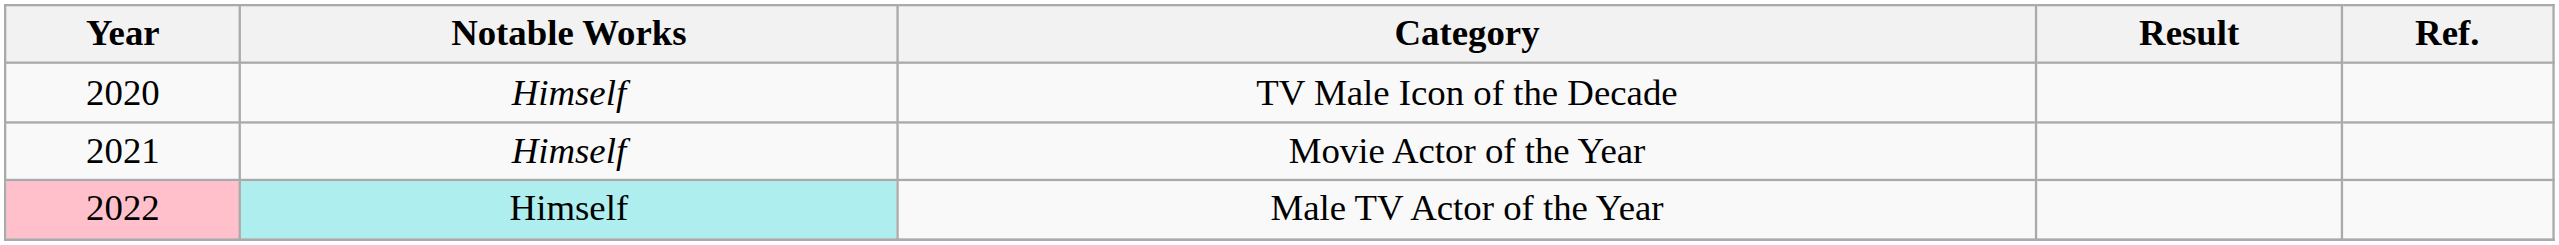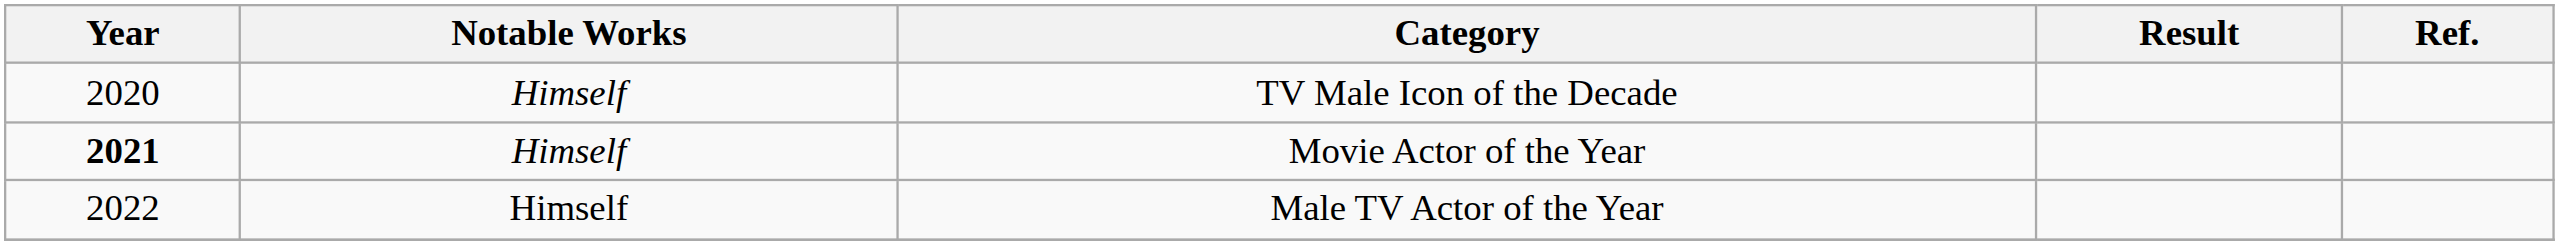 <table class="wikitable" style="text-align:center" width=70%>
 <tr>
 <th>Year</th>
 <th>Notable Works</th>
 <th>Category</th>
 <th>Result</th>
 <th>Ref.</th>
 </tr>
 <tr>
 <td>2020</td>
 <td><em>Himself</em></td>
 <td>TV Male Icon of the Decade</td>
 <td></td>
 <td></td>
 </tr>
 <tr>
-<td>2021</td>
+<td><strong>2021</strong></td>
 <td><em>Himself</em></td>
 <td>Movie Actor of the Year</td>
 <td></td>
 <td></td>
 </tr>
 <tr>
-<td style="background: pink;">2022</td>
-<td style="background: paleturquoise;">Himself</td>
+<td>2022</td>
+<td>Himself</td>
 <td>Male TV Actor of the Year</td>
 <td></td>
 <td></td>
 </tr>
 <tr>
 </tr>
 </table>
